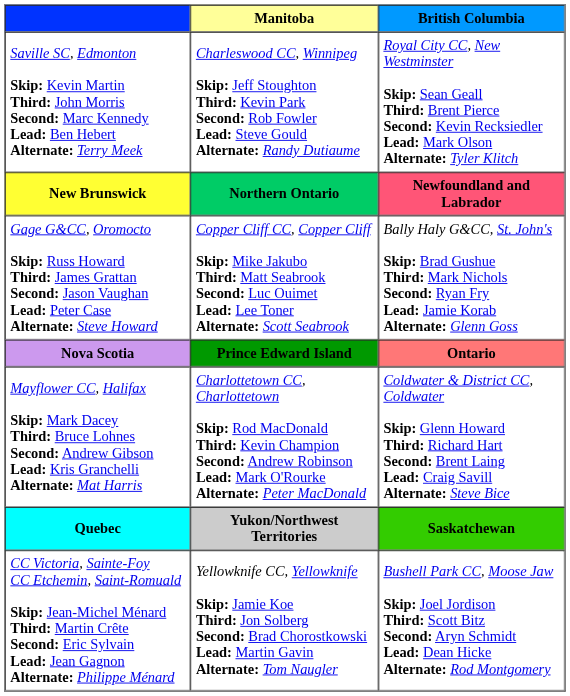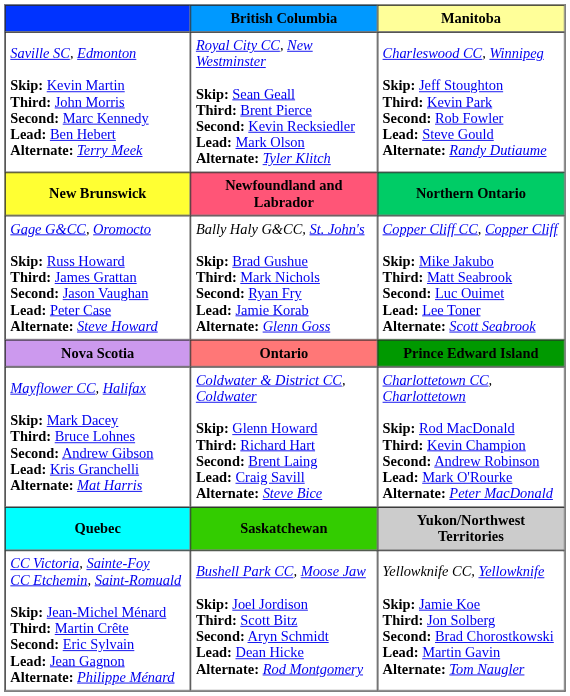 <table border=1 cellpadding=5 cellspacing=0>
 <tr>
 <th bgcolor="#0033ff" width="200"></th>
+<th bgcolor="#0099ff" width="200">British Columbia</th>
 <th bgcolor="#ffff99" width="200">Manitoba</th>
-<th bgcolor="#0099ff" width="200">British Columbia</th>
 </tr>
 <tr align=center>
 <td align=left><em><a href='#'>Saville SC</a>, <a href='#'>Edmonton</a></em> <br><br><strong>Skip:</strong> <a href='#'>Kevin Martin</a> <br> <strong>Third:</strong> <a href='#'>John Morris</a> <br> <strong>Second:</strong> <a href='#'>Marc Kennedy</a> <br> <strong>Lead:</strong> <a href='#'>Ben Hebert</a> <br> <strong>Alternate:</strong> <em><a href='#'>Terry Meek</a></em></td>
+<td align=left><em><a href='#'>Royal City CC</a>, <a href='#'>New Westminster</a></em> <br><br><strong>Skip:</strong> <a href='#'>Sean Geall</a> <br> <strong>Third:</strong> <a href='#'>Brent Pierce</a> <br> <strong>Second:</strong> <a href='#'>Kevin Recksiedler</a> <br> <strong>Lead:</strong> <a href='#'>Mark Olson</a> <br> <strong>Alternate:</strong> <em><a href='#'>Tyler Klitch</a></em></td>
 <td align=left><em><a href='#'>Charleswood CC</a>, <a href='#'>Winnipeg</a></em> <br><br><strong>Skip:</strong> <a href='#'>Jeff Stoughton</a><br> <strong>Third:</strong> <a href='#'>Kevin Park</a><br> <strong>Second:</strong> <a href='#'>Rob Fowler</a><br> <strong>Lead:</strong> <a href='#'>Steve Gould</a><br> <strong>Alternate:</strong> <em><a href='#'>Randy Dutiaume</a></em></td>
-<td align=left><em><a href='#'>Royal City CC</a>, <a href='#'>New Westminster</a></em> <br><br><strong>Skip:</strong> <a href='#'>Sean Geall</a> <br> <strong>Third:</strong> <a href='#'>Brent Pierce</a> <br> <strong>Second:</strong> <a href='#'>Kevin Recksiedler</a> <br> <strong>Lead:</strong> <a href='#'>Mark Olson</a> <br> <strong>Alternate:</strong> <em><a href='#'>Tyler Klitch</a></em></td>
 </tr>
 <tr border=1 cellpadding=5 cellspacing=0>
 <th bgcolor="#ffff33" width="200">New Brunswick</th>
+<th bgcolor="#ff5577" width="200">Newfoundland and Labrador</th>
 <th bgcolor="#00CC66" width="200">Northern Ontario</th>
-<th bgcolor="#ff5577" width="200">Newfoundland and Labrador</th>
 </tr>
 <tr align=center>
 <td align=left><em><a href='#'>Gage G&CC</a>, <a href='#'>Oromocto</a></em> <br><br><strong>Skip:</strong> <a href='#'>Russ Howard</a> <br> <strong>Third:</strong> <a href='#'>James Grattan</a> <br> <strong>Second:</strong> <a href='#'>Jason Vaughan</a> <br> <strong>Lead:</strong> <a href='#'>Peter Case</a> <br> <strong>Alternate:</strong> <em><a href='#'>Steve Howard</a></em></td>
+<td align=left><em>Bally Haly G&CC, <a href='#'>St. John's</a></em> <br><br><strong>Skip:</strong> <a href='#'>Brad Gushue</a> <br> <strong>Third:</strong> <a href='#'>Mark Nichols</a> <br> <strong>Second:</strong> <a href='#'>Ryan Fry</a> <br> <strong>Lead:</strong> <a href='#'>Jamie Korab</a> <br> <strong>Alternate:</strong> <em><a href='#'>Glenn Goss</a></em></td>
 <td align=left><em><a href='#'>Copper Cliff CC</a>, <a href='#'>Copper Cliff</a></em> <br><br><strong>Skip:</strong> <a href='#'>Mike Jakubo</a> <br> <strong>Third:</strong> <a href='#'>Matt Seabrook</a> <br> <strong>Second:</strong> <a href='#'>Luc Ouimet</a> <br> <strong>Lead:</strong> <a href='#'>Lee Toner</a> <br> <strong>Alternate:</strong> <em><a href='#'>Scott Seabrook</a></em></td>
-<td align=left><em>Bally Haly G&CC, <a href='#'>St. John's</a></em> <br><br><strong>Skip:</strong> <a href='#'>Brad Gushue</a> <br> <strong>Third:</strong> <a href='#'>Mark Nichols</a> <br> <strong>Second:</strong> <a href='#'>Ryan Fry</a> <br> <strong>Lead:</strong> <a href='#'>Jamie Korab</a> <br> <strong>Alternate:</strong> <em><a href='#'>Glenn Goss</a></em></td>
 </tr>
 <tr border=1 cellpadding=5 cellspacing=0>
 <th bgcolor="#cc99ee" width="200">Nova Scotia</th>
+<th bgcolor="#ff7777" width="200">Ontario</th>
 <th bgcolor="#009900" width="200">Prince Edward Island</th>
-<th bgcolor="#ff7777" width="200">Ontario</th>
 </tr>
 <tr align=center>
 <td align=left><em><a href='#'>Mayflower CC</a>, <a href='#'>Halifax</a></em><br><br><strong>Skip:</strong> <a href='#'>Mark Dacey</a> <br> <strong>Third:</strong> <a href='#'>Bruce Lohnes</a> <br> <strong>Second:</strong> <a href='#'>Andrew Gibson</a> <br> <strong>Lead:</strong> <a href='#'>Kris Granchelli</a> <br> <strong>Alternate:</strong> <em><a href='#'>Mat Harris</a></em></td>
+<td align=left><em><a href='#'>Coldwater & District CC</a>, <a href='#'>Coldwater</a></em> <br><br><strong>Skip:</strong> <a href='#'>Glenn Howard</a> <br> <strong>Third:</strong> <a href='#'>Richard Hart</a> <br> <strong>Second:</strong> <a href='#'>Brent Laing</a> <br> <strong>Lead:</strong> <a href='#'>Craig Savill</a> <br> <strong>Alternate:</strong> <em><a href='#'>Steve Bice</a></em></td>
 <td align=left><em><a href='#'>Charlottetown CC</a>, <a href='#'>Charlottetown</a></em> <br><br><strong>Skip:</strong> <a href='#'>Rod MacDonald</a> <br> <strong>Third:</strong> <a href='#'>Kevin Champion</a> <br> <strong>Second:</strong> <a href='#'>Andrew Robinson</a> <br> <strong>Lead:</strong> <a href='#'>Mark O'Rourke</a> <br> <strong>Alternate:</strong> <em><a href='#'>Peter MacDonald</a></em></td>
-<td align=left><em><a href='#'>Coldwater & District CC</a>, <a href='#'>Coldwater</a></em> <br><br><strong>Skip:</strong> <a href='#'>Glenn Howard</a> <br> <strong>Third:</strong> <a href='#'>Richard Hart</a> <br> <strong>Second:</strong> <a href='#'>Brent Laing</a> <br> <strong>Lead:</strong> <a href='#'>Craig Savill</a> <br> <strong>Alternate:</strong> <em><a href='#'>Steve Bice</a></em></td>
 </tr>
 <tr border=1 cellpadding=5 cellspacing=0>
 <th bgcolor="#00ffff" width="200">Quebec</th>
+<th bgcolor="#33cc00" width="200">Saskatchewan</th>
 <th bgcolor="#cccccc" width="200">Yukon/Northwest Territories</th>
-<th bgcolor="#33cc00" width="200">Saskatchewan</th>
 </tr>
 <tr align=center>
 <td align=left><em><a href='#'>CC Victoria</a>, <a href='#'>Sainte-Foy</a><br><a href='#'>CC Etchemin</a>, <a href='#'>Saint-Romuald</a></em> <br><br><strong>Skip:</strong> <a href='#'>Jean-Michel Ménard</a> <br> <strong>Third:</strong> <a href='#'>Martin Crête</a> <br> <strong>Second:</strong> <a href='#'>Eric Sylvain</a> <br> <strong>Lead:</strong> <a href='#'>Jean Gagnon</a> <br> <strong>Alternate:</strong> <em><a href='#'>Philippe Ménard</a></em></td>
+<td align=left><em><a href='#'>Bushell Park CC</a>, <a href='#'>Moose Jaw</a></em> <br><br><strong>Skip:</strong> <a href='#'>Joel Jordison</a> <br> <strong>Third:</strong> <a href='#'>Scott Bitz</a> <br> <strong>Second:</strong> <a href='#'>Aryn Schmidt</a> <br> <strong>Lead:</strong> <a href='#'>Dean Hicke</a> <br> <strong>Alternate:</strong> <em><a href='#'>Rod Montgomery</a></em></td>
 <td align=left><em>Yellowknife CC, <a href='#'>Yellowknife</a></em> <br><br><strong>Skip:</strong> <a href='#'>Jamie Koe</a> <br> <strong>Third:</strong> <a href='#'>Jon Solberg</a> <br> <strong>Second:</strong> <a href='#'>Brad Chorostkowski</a> <br> <strong>Lead:</strong> <a href='#'>Martin Gavin</a> <br> <strong>Alternate:</strong> <em><a href='#'>Tom Naugler</a></em></td>
-<td align=left><em><a href='#'>Bushell Park CC</a>, <a href='#'>Moose Jaw</a></em> <br><br><strong>Skip:</strong> <a href='#'>Joel Jordison</a> <br> <strong>Third:</strong> <a href='#'>Scott Bitz</a> <br> <strong>Second:</strong> <a href='#'>Aryn Schmidt</a> <br> <strong>Lead:</strong> <a href='#'>Dean Hicke</a> <br> <strong>Alternate:</strong> <em><a href='#'>Rod Montgomery</a></em></td>
 </tr>
 </table>
